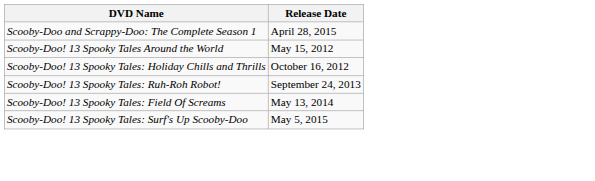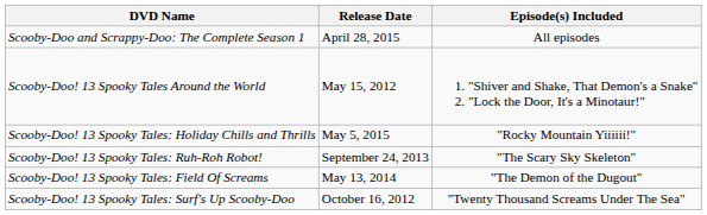 <table class="wikitable">
 <tr>
 <th>DVD Name</th>
 <th>Release Date</th>
+<th>Episode(s) Included</th>
 </tr>
 <tr>
 <td><em>Scooby-Doo and Scrappy-Doo: The Complete Season 1</em></td>
 <td>April 28, 2015</td>
+<td style="text-align:center;">All episodes</td>
 </tr>
 <tr>
 <td><em>Scooby-Doo! 13 Spooky Tales Around the World</em></td>
 <td>May 15, 2012</td>
+<td><br><ol><li>"Shiver and Shake, That Demon's a Snake"</li><li>"Lock the Door, It's a Minotaur!"</li></ol></td>
 </tr>
 <tr>
 <td><em>Scooby-Doo! 13 Spooky Tales: Holiday Chills and Thrills</em></td>
-<td>October 16, 2012</td>
+<td>May 5, 2015</td>
+<td style="text-align:center;">"Rocky Mountain Yiiiiii!"</td>
 </tr>
 <tr>
 <td><em>Scooby-Doo! 13 Spooky Tales: Ruh-Roh Robot!</em></td>
 <td>September 24, 2013</td>
+<td style="text-align:center;">"The Scary Sky Skeleton"</td>
 </tr>
 <tr>
 <td><em>Scooby-Doo! 13 Spooky Tales: Field Of Screams</em></td>
 <td>May 13, 2014</td>
+<td style="text-align:center;">"The Demon of the Dugout"</td>
 </tr>
 <tr>
 <td><em>Scooby-Doo! 13 Spooky Tales: Surf's Up Scooby-Doo</em></td>
-<td>May 5, 2015</td>
+<td>October 16, 2012</td>
+<td style="text-align:center;">"Twenty Thousand Screams Under The Sea"</td>
 </tr>
 </table>
